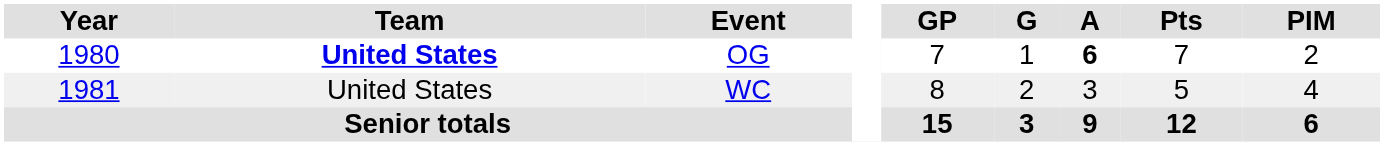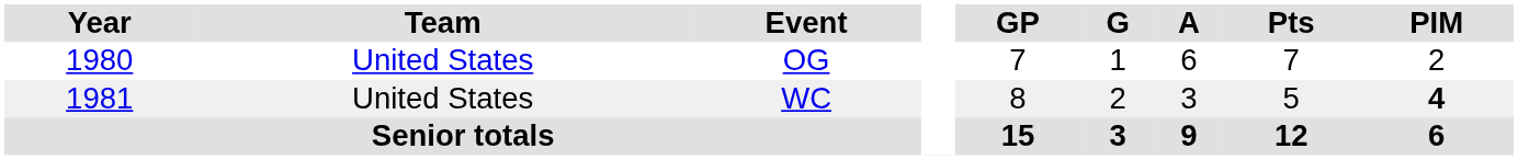 <table border="0" cellpadding="1" cellspacing="0" style="text-align:center; width:50em;">
 <tr bgcolor="#e0e0e0">
 <th>Year</th>
 <th>Team</th>
 <th>Event</th>
 <th rowspan="99" bgcolor="#ffffff"> </th>
 <th>GP</th>
 <th>G</th>
 <th>A</th>
 <th>Pts</th>
 <th>PIM</th>
 </tr>
 <tr>
 <td><a href='#'>1980</a></td>
-<td><strong><a href='#'>United States</a></strong></td>
+<td><a href='#'>United States</a></td>
 <td><a href='#'>OG</a></td>
 <td>7</td>
 <td>1</td>
-<td><strong>6</strong></td>
+<td>6</td>
 <td>7</td>
 <td>2</td>
 </tr>
 <tr bgcolor="#f0f0f0">
 <td><a href='#'>1981</a></td>
 <td>United States</td>
 <td><a href='#'>WC</a></td>
 <td>8</td>
 <td>2</td>
 <td>3</td>
 <td>5</td>
-<td>4</td>
+<td><strong>4</strong></td>
 </tr>
 <tr bgcolor="#e0e0e0">
 <th colspan="3">Senior totals</th>
 <th>15</th>
 <th>3</th>
 <th>9</th>
 <th>12</th>
 <th>6</th>
 </tr>
 </table>
